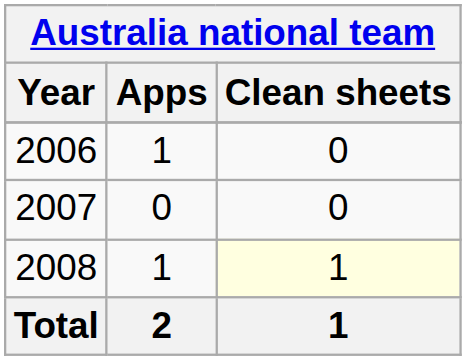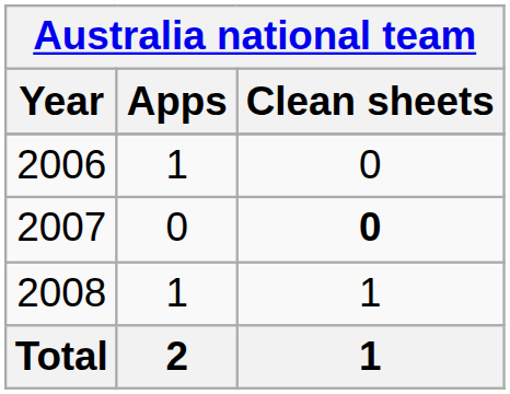 <table class="wikitable" style="text-align:center">
 <tr>
 <th colspan=3><a href='#'>Australia national team</a></th>
 </tr>
 <tr>
 <th>Year</th>
 <th>Apps</th>
 <th>Clean sheets</th>
 </tr>
 <tr>
 </tr>
 <tr>
 <td>2006</td>
 <td>1</td>
 <td>0</td>
 </tr>
 <tr>
 <td>2007</td>
 <td>0</td>
-<td>0</td>
+<td><strong>0</strong></td>
 </tr>
 <tr>
 <td>2008</td>
 <td>1</td>
-<td style="background: lightyellow;">1</td>
+<td>1</td>
 </tr>
 <tr>
 <th>Total</th>
 <th>2</th>
 <th>1</th>
 </tr>
 </table>
